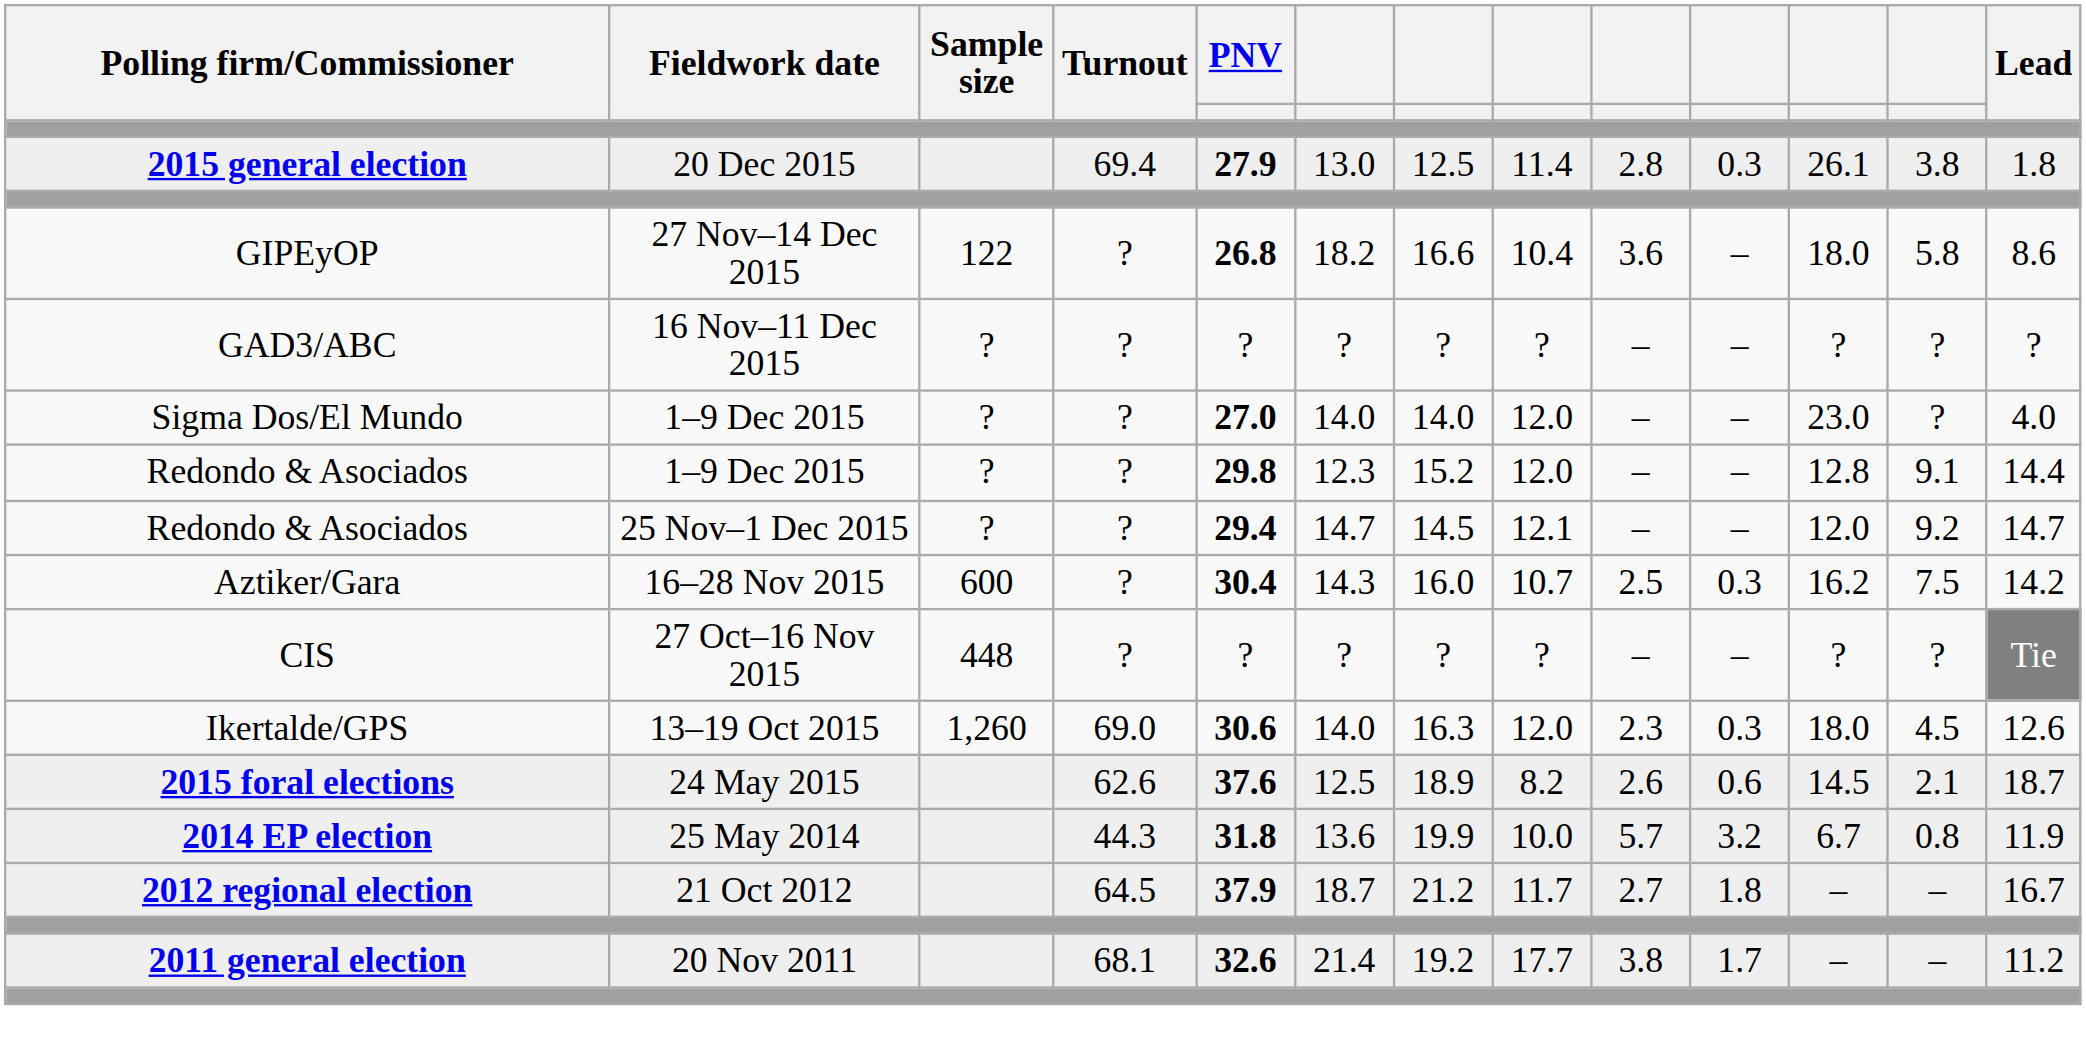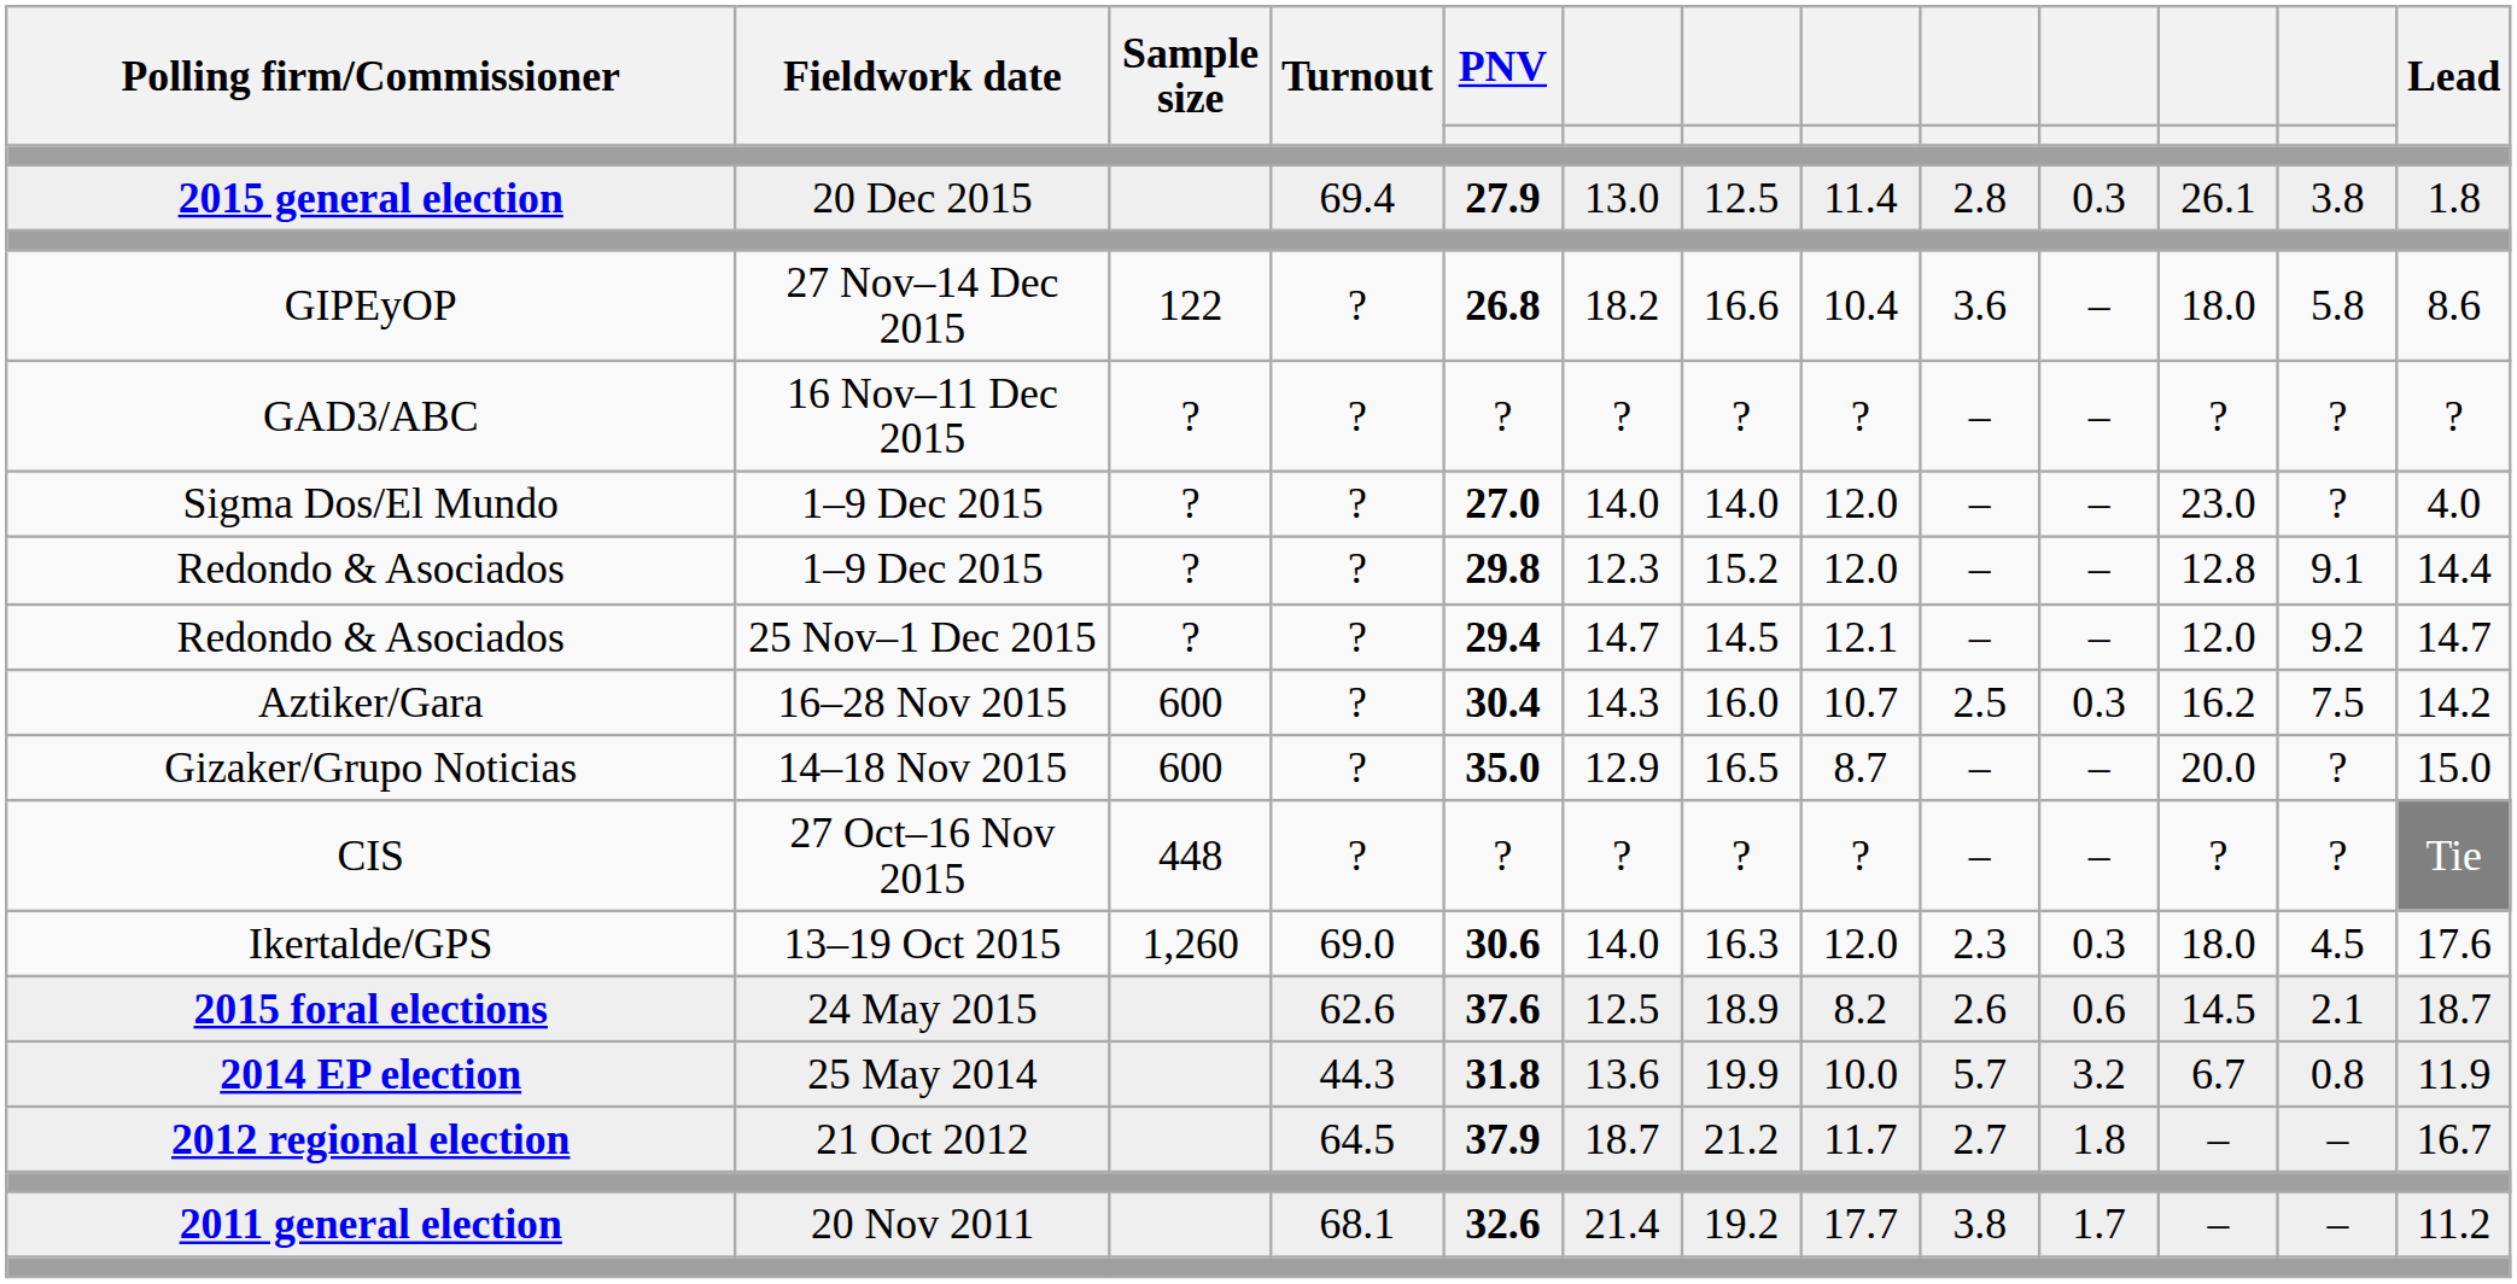 <table class="wikitable collapsible collapsed" style="text-align:center; font-size:95%; line-height:16px;">
 <tr style="height:42px; background-color:#E9E9E9">
 <th style="width:250px;" rowspan="2">Polling firm/Commissioner</th>
 <th style="width:125px;" rowspan="2">Fieldwork date</th>
 <th style="width:50px;" rowspan="2">Sample size</th>
 <th style="width:45px;" rowspan="2">Turnout</th>
 <th style="width:35px;"><a href='#'>PNV</a></th>
 <th style="width:35px;"></th>
 <th style="width:35px;"><br></th>
 <th style="width:35px;"></th>
 <th style="width:35px;"></th>
 <th style="width:35px;"></th>
 <th style="width:35px;"></th>
 <th style="width:35px;"></th>
 <th style="width:30px;" rowspan="2">Lead</th>
 </tr>
 <tr>
 <th style="color:inherit;background:"></th>
 <th style="color:inherit;background:"></th>
 <th style="color:inherit;background:"></th>
 <th style="color:inherit;background:"></th>
 <th style="color:inherit;background:"></th>
 <th style="color:inherit;background:"></th>
 <th style="color:inherit;background:"></th>
 <th style="color:inherit;background:"></th>
 </tr>
 <tr>
 <td colspan="13" style="background:#A0A0A0"></td>
 </tr>
 <tr style="background:#EFEFEF;">
 <td><strong><a href='#'>2015 general election</a></strong></td>
 <td>20 Dec 2015</td>
 <td></td>
 <td>69.4</td>
 <td><strong>27.9</strong><br></td>
 <td>13.0<br></td>
 <td>12.5<br></td>
 <td>11.4<br></td>
 <td>2.8<br></td>
 <td>0.3<br></td>
 <td>26.1<br></td>
 <td>3.8<br></td>
 <td style="background:">1.8</td>
 </tr>
 <tr>
 <td colspan="13" style="background:#A0A0A0"></td>
 </tr>
 <tr>
 <td>GIPEyOP</td>
 <td>27 Nov–14 Dec 2015</td>
 <td>122</td>
 <td>?</td>
 <td><strong>26.8</strong><br></td>
 <td>18.2<br></td>
 <td>16.6<br></td>
 <td>10.4<br></td>
 <td>3.6<br></td>
 <td>–</td>
 <td>18.0<br></td>
 <td>5.8<br></td>
 <td style="background:">8.6</td>
 </tr>
 <tr>
 <td>GAD3/ABC</td>
 <td>16 Nov–11 Dec 2015</td>
 <td>?</td>
 <td>?</td>
 <td>?<br></td>
 <td>?<br></td>
 <td>?<br></td>
 <td>?<br></td>
 <td>–</td>
 <td>–</td>
 <td>?<br></td>
 <td>?<br></td>
 <td style="background:">?</td>
 </tr>
 <tr>
 <td>Sigma Dos/El Mundo</td>
 <td>1–9 Dec 2015</td>
 <td>?</td>
 <td>?</td>
 <td><strong>27.0</strong><br></td>
 <td>14.0<br></td>
 <td>14.0<br></td>
 <td>12.0<br></td>
 <td>–</td>
 <td>–</td>
 <td>23.0<br></td>
 <td>?<br></td>
 <td style="background:">4.0</td>
 </tr>
 <tr>
 <td>Redondo & Asociados</td>
 <td>1–9 Dec 2015</td>
 <td>?</td>
 <td>?</td>
 <td><strong>29.8</strong><br></td>
 <td>12.3<br></td>
 <td>15.2<br></td>
 <td>12.0<br></td>
 <td>–</td>
 <td>–</td>
 <td>12.8<br></td>
 <td>9.1<br></td>
 <td style="background:">14.4</td>
 </tr>
 <tr>
 <td>Redondo & Asociados</td>
 <td>25 Nov–1 Dec 2015</td>
 <td>?</td>
 <td>?</td>
 <td><strong>29.4</strong><br></td>
 <td>14.7<br></td>
 <td>14.5<br></td>
 <td>12.1<br></td>
 <td>–</td>
 <td>–</td>
 <td>12.0<br></td>
 <td>9.2<br></td>
 <td style="background:">14.7</td>
 </tr>
 <tr>
 <td>Aztiker/Gara</td>
 <td>16–28 Nov 2015</td>
 <td>600</td>
 <td>?</td>
 <td><strong>30.4</strong><br></td>
 <td>14.3<br></td>
 <td>16.0<br></td>
 <td>10.7<br></td>
 <td>2.5<br></td>
 <td>0.3<br></td>
 <td>16.2<br></td>
 <td>7.5<br></td>
 <td style="background:">14.2</td>
 </tr>
 <tr>
+<td>Gizaker/Grupo Noticias</td>
+<td>14–18 Nov 2015</td>
+<td>600</td>
+<td>?</td>
+<td><strong>35.0</strong><br></td>
+<td>12.9<br></td>
+<td>16.5<br></td>
+<td>8.7<br></td>
+<td>–</td>
+<td>–</td>
+<td>20.0<br></td>
+<td>?<br></td>
+<td style="background:">15.0</td>
+</tr>
+<tr>
 <td>CIS</td>
 <td>27 Oct–16 Nov 2015</td>
 <td>448</td>
 <td>?</td>
 <td>?<br></td>
 <td>?<br></td>
 <td>?<br></td>
 <td>?<br></td>
 <td>–</td>
 <td>–</td>
 <td>?<br></td>
 <td>?<br></td>
 <td style="background:gray;color:white;">Tie</td>
 </tr>
 <tr>
 <td>Ikertalde/GPS</td>
 <td>13–19 Oct 2015</td>
 <td>1,260</td>
 <td>69.0</td>
 <td><strong>30.6</strong><br></td>
 <td>14.0<br></td>
 <td>16.3<br></td>
 <td>12.0<br></td>
 <td>2.3<br></td>
 <td>0.3<br></td>
 <td>18.0<br></td>
 <td>4.5<br></td>
-<td style="background:">12.6</td>
+<td style="background:">17.6</td>
 </tr>
 <tr style="background:#EFEFEF;">
 <td><strong><a href='#'>2015 foral elections</a></strong></td>
 <td>24 May 2015</td>
 <td></td>
 <td>62.6</td>
 <td><strong>37.6</strong><br></td>
 <td>12.5<br></td>
 <td>18.9<br></td>
 <td>8.2<br></td>
 <td>2.6<br></td>
 <td>0.6<br></td>
 <td>14.5<br></td>
 <td>2.1<br></td>
 <td style="background:">18.7</td>
 </tr>
 <tr style="background:#EFEFEF;">
 <td><strong><a href='#'>2014 EP election</a></strong></td>
 <td>25 May 2014</td>
 <td></td>
 <td>44.3</td>
 <td><strong>31.8</strong><br></td>
 <td>13.6<br></td>
 <td>19.9<br></td>
 <td>10.0<br></td>
 <td>5.7<br></td>
 <td>3.2<br></td>
 <td>6.7<br></td>
 <td>0.8<br></td>
 <td style="background:">11.9</td>
 </tr>
 <tr style="background:#EFEFEF;">
 <td><strong><a href='#'>2012 regional election</a></strong></td>
 <td>21 Oct 2012</td>
 <td></td>
 <td>64.5</td>
 <td><strong>37.9</strong><br></td>
 <td>18.7<br></td>
 <td>21.2<br></td>
 <td>11.7<br></td>
 <td>2.7<br></td>
 <td>1.8<br></td>
 <td>–</td>
 <td>–</td>
 <td style="background:">16.7</td>
 </tr>
 <tr>
 <td colspan="13" style="background:#A0A0A0"></td>
 </tr>
 <tr style="background:#EFEFEF;">
 <td><strong><a href='#'>2011 general election</a></strong></td>
 <td>20 Nov 2011</td>
 <td></td>
 <td>68.1</td>
 <td><strong>32.6</strong><br></td>
 <td>21.4<br></td>
 <td>19.2<br></td>
 <td>17.7<br></td>
 <td>3.8<br></td>
 <td>1.7<br></td>
 <td>–</td>
 <td>–</td>
 <td style="background:">11.2</td>
 </tr>
 <tr>
 <td colspan="13" style="background:#A0A0A0"></td>
 </tr>
 </table>
